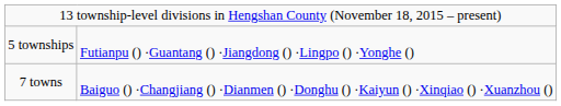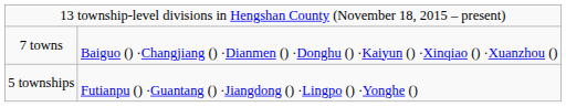 <table class="wikitable">
 <tr>
 <td style="text-align:center;" colspan="2">13 township-level divisions in <a href='#'>Hengshan County</a> (November 18, 2015 – present)</td>
 </tr>
 <tr align=left>
+<td align=center>7 towns</td>
+<td><br><a href='#'>Baiguo</a> () ·<a href='#'>Changjiang</a> () ·<a href='#'>Dianmen</a> () ·<a href='#'>Donghu</a> () ·<a href='#'>Kaiyun</a> () ·<a href='#'>Xinqiao</a> () ·<a href='#'>Xuanzhou</a> ()</td>
+</tr>
+<tr align=left>
 <td align=center>5 townships</td>
 <td><br><a href='#'>Futianpu</a> () ·<a href='#'>Guantang</a> () ·<a href='#'>Jiangdong</a> () ·<a href='#'>Lingpo</a> () ·<a href='#'>Yonghe</a> ()</td>
 </tr>
-<tr align=left>
-<td align=center>7 towns</td>
-<td><br><a href='#'>Baiguo</a> () ·<a href='#'>Changjiang</a> () ·<a href='#'>Dianmen</a> () ·<a href='#'>Donghu</a> () ·<a href='#'>Kaiyun</a> () ·<a href='#'>Xinqiao</a> () ·<a href='#'>Xuanzhou</a> ()</td>
-</tr>
 </table>
